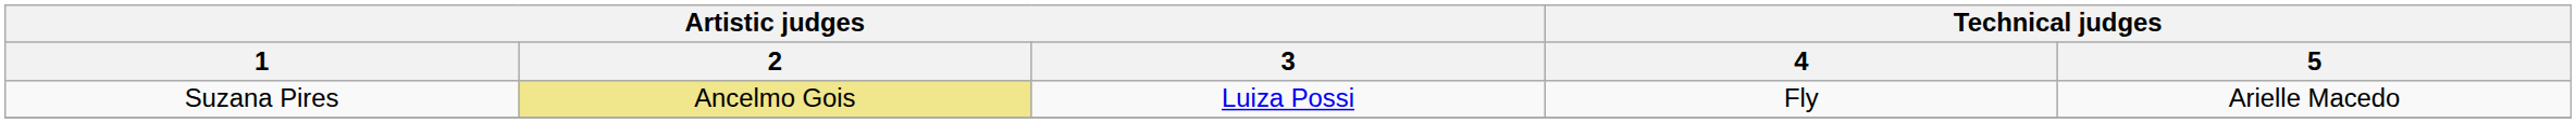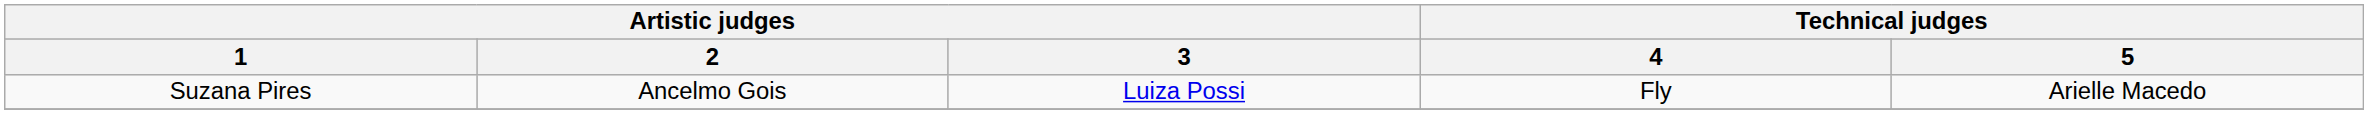 <table class="wikitable" style="font-size:100%; line-height:16px; text-align:center" width="100%">
 <tr>
 <th colspan=3>Artistic judges</th>
 <th colspan=2>Technical judges</th>
 </tr>
 <tr>
 <th style="width:20.0%;">1</th>
 <th style="width:20.0%;">2</th>
 <th style="width:20.0%;">3</th>
 <th style="width:20.0%;">4</th>
 <th style="width:20.0%;">5</th>
 </tr>
 <tr>
 <td>Suzana Pires</td>
-<td style="background: khaki;">Ancelmo Gois</td>
+<td>Ancelmo Gois</td>
 <td><a href='#'>Luiza Possi</a></td>
 <td>Fly</td>
 <td>Arielle Macedo</td>
 </tr>
 <tr>
 </tr>
 </table>
